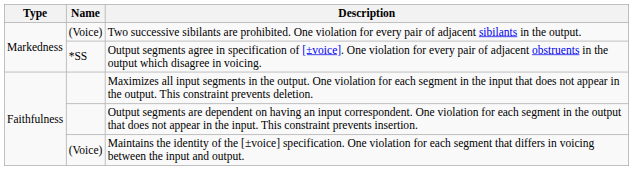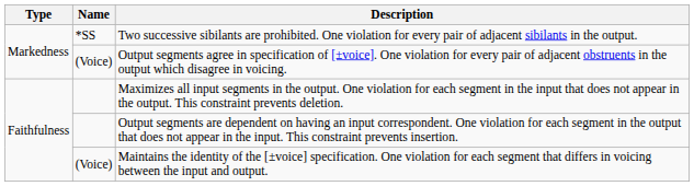 <table class="wikitable">
 <tr>
 <th>Type</th>
 <th>Name</th>
 <th>Description</th>
 </tr>
 <tr>
 <td rowspan="2">Markedness</td>
-<td>(Voice)</td>
+<td>*SS</td>
 <td>Two successive sibilants are prohibited. One violation for every pair of adjacent <a href='#'>sibilants</a> in the output.</td>
 </tr>
 <tr>
-<td>*SS</td>
+<td>(Voice)</td>
 <td>Output segments agree in specification of <a href='#'>&#91;±voice&#93;</a>. One violation for every pair of adjacent <a href='#'>obstruents</a> in the output which disagree in voicing.</td>
 </tr>
 <tr>
 <td rowspan="3">Faithfulness</td>
 <td></td>
 <td>Maximizes all input segments in the output. One violation for each segment in the input that does not appear in the output. This constraint prevents deletion.</td>
 </tr>
 <tr>
 <td></td>
 <td>Output segments are dependent on having an input correspondent. One violation for each segment in the output that does not appear in the input. This constraint prevents insertion.</td>
 </tr>
 <tr>
 <td>(Voice)</td>
 <td>Maintains the identity of the [±voice] specification. One violation for each segment that differs in voicing between the input and output.</td>
 </tr>
 </table>
